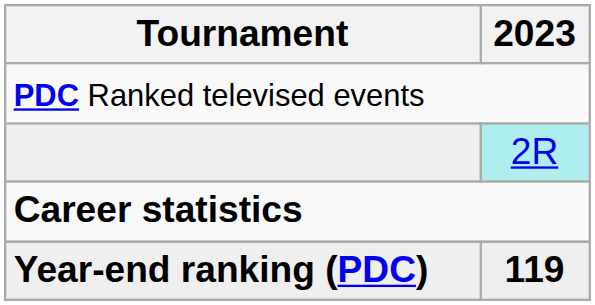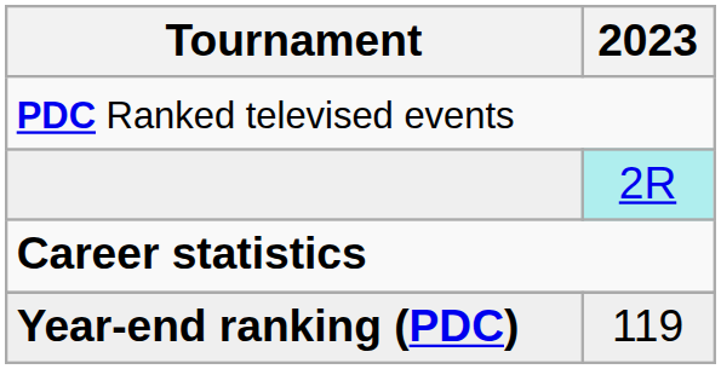 <table class="wikitable" style="width:20%; margin:0">
 <tr>
 <th>Tournament</th>
 <th>2023</th>
 </tr>
 <tr>
 <td colspan="2" style="text-align:left"><small><strong><a href='#'>PDC</a> </strong>Ranked televised events</small></td>
 </tr>
 <tr>
 <td style="background:#efefef;"></td>
 <td style="text-align:center; background:#afeeee;"><a href='#'>2R</a></td>
 </tr>
 <tr>
 <td colspan="5" style="text-align:left"><strong>Career statistics</strong></td>
 </tr>
 <tr>
 </tr>
 <tr style="background:#efefef">
 <td style="text-align:left"><strong>Year-end ranking (<a href='#'>PDC</a>)</strong></td>
-<td style="text-align:center;"><strong>119</strong></td>
+<td style="text-align:center;">119</td>
 </tr>
 </table>
